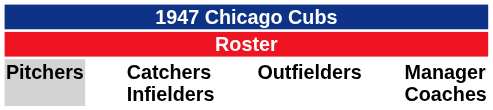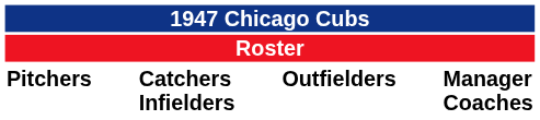 <table class="toccolours" style="font-size: 95%;">
 <tr>
 <th colspan="10" style="background-color: #0e3386; color: white; text-align: center;">1947 Chicago Cubs</th>
 </tr>
 <tr>
 <td colspan="10" style="background-color: #EE1422; color: white; text-align: center;"><strong>Roster</strong></td>
 </tr>
 <tr>
-<td valign="top" style="background: lightgrey;"><strong>Pitchers</strong><br>              </td>
+<td valign="top"><strong>Pitchers</strong><br>              </td>
 <td width="25px"></td>
 <td valign="top"><strong>Catchers</strong><br>    <strong>Infielders</strong>           </td>
 <td width="25px"></td>
 <td valign="top"><strong>Outfielders</strong><br>     </td>
 <td width="25px"></td>
 <td valign="top"><strong>Manager</strong><br> <strong>Coaches</strong>    </td>
 </tr>
 <tr>
 </tr>
 </table>
